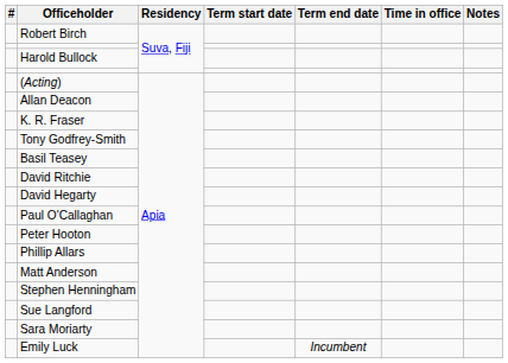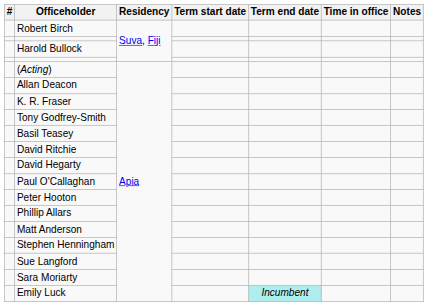 <table class='wikitable sortable'>
 <tr>
 <th>#</th>
 <th>Officeholder</th>
 <th>Residency</th>
 <th>Term start date</th>
 <th>Term end date</th>
 <th>Time in office</th>
 <th>Notes</th>
 </tr>
 <tr>
 <td align=center></td>
 <td>Robert Birch</td>
 <td rowspan=4><a href='#'>Suva</a>, <a href='#'>Fiji</a></td>
 <td align=center></td>
 <td align=center></td>
 <td align=right></td>
 <td></td>
 </tr>
 <tr>
 <td align=center></td>
 <td></td>
 <td align=center></td>
 <td align=center></td>
 <td align=right></td>
 <td></td>
 </tr>
 <tr>
 <td align=center></td>
 <td>Harold Bullock</td>
 <td align=center></td>
 <td align=center></td>
 <td align=right></td>
 <td></td>
 </tr>
 <tr>
 <td align=center></td>
 <td></td>
 <td align=center></td>
 <td align=center></td>
 <td align=right></td>
 <td></td>
 </tr>
 <tr>
 <td align=center></td>
 <td> (<em>Acting</em>)</td>
 <td rowspan=16><a href='#'>Apia</a></td>
 <td align=center></td>
 <td align=center></td>
 <td align=right></td>
 <td></td>
 </tr>
 <tr>
 <td align=center></td>
 <td>Allan Deacon</td>
 <td align=center></td>
 <td align=center></td>
 <td align=right></td>
 <td></td>
 </tr>
 <tr>
 <td align=center></td>
 <td>K. R. Fraser</td>
 <td align=center></td>
 <td align=center></td>
 <td align=right></td>
 <td></td>
 </tr>
 <tr>
 <td align=center></td>
 <td>Tony Godfrey-Smith</td>
 <td align=center></td>
 <td align=center></td>
 <td align=right><strong></strong></td>
 <td></td>
 </tr>
 <tr>
 <td align=center></td>
 <td>Basil Teasey</td>
 <td align=center></td>
 <td align=center></td>
 <td align=right></td>
 <td></td>
 </tr>
 <tr>
 <td align=center></td>
 <td>David Ritchie</td>
 <td align=center></td>
 <td align=center></td>
 <td align=right></td>
 <td></td>
 </tr>
 <tr>
 <td align=center></td>
 <td>David Hegarty</td>
 <td align=center></td>
 <td align=center></td>
 <td align=right></td>
 <td></td>
 </tr>
 <tr>
 <td align=center></td>
 <td>Paul O'Callaghan</td>
 <td align=center></td>
 <td align=center></td>
 <td align=right></td>
 <td></td>
 </tr>
 <tr>
 <td align=center></td>
 <td>Peter Hooton</td>
 <td align=center></td>
 <td align=center></td>
 <td align=right></td>
 <td></td>
 </tr>
 <tr>
 <td align=center></td>
 <td>Phillip Allars</td>
 <td align=center></td>
 <td align=center></td>
 <td align=right></td>
 <td></td>
 </tr>
 <tr>
 <td align=center></td>
 <td>Matt Anderson</td>
 <td align=center></td>
 <td align=center></td>
 <td align=right></td>
 <td></td>
 </tr>
 <tr>
 <td align=center></td>
 <td>Stephen Henningham</td>
 <td align=center></td>
 <td align=center></td>
 <td align=right></td>
 <td></td>
 </tr>
 <tr>
 <td align=center></td>
 <td>Sue Langford</td>
 <td align=center></td>
 <td align=center></td>
 <td align=right></td>
 <td></td>
 </tr>
 <tr>
 <td align=center></td>
 <td>Sara Moriarty</td>
 <td align=center></td>
 <td align=center></td>
 <td align=right></td>
 <td></td>
 </tr>
 <tr>
 <td align=center></td>
 <td>Emily Luck</td>
 <td align=center></td>
-<td align=center><em>Incumbent</em></td>
+<td align=center style="background: paleturquoise;"><em>Incumbent</em></td>
 <td align=right></td>
 <td></td>
 </tr>
 </table>
